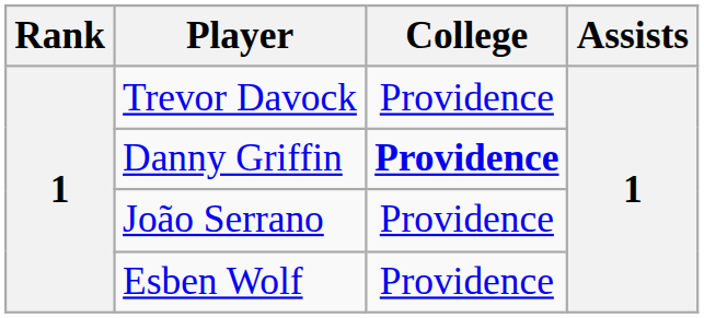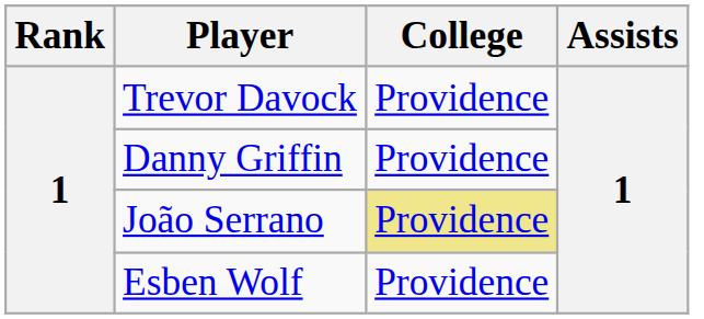 <table class="wikitable" style="text-align:center">
 <tr>
 <th>Rank</th>
 <th>Player</th>
 <th>College</th>
 <th>Assists</th>
 </tr>
 <tr>
 <th rowspan="4">1</th>
 <td align="left"> <a href='#'>Trevor Davock</a></td>
 <td><a href='#'>Providence</a></td>
 <th rowspan="4">1</th>
 </tr>
 <tr>
 <td align="left"> <a href='#'>Danny Griffin</a></td>
-<td><strong><a href='#'>Providence</a></strong></td>
+<td><a href='#'>Providence</a></td>
 </tr>
 <tr>
 <td align="left"> <a href='#'>João Serrano</a></td>
-<td><a href='#'>Providence</a></td>
+<td style="background: khaki;"><a href='#'>Providence</a></td>
 </tr>
 <tr>
 <td align="left"> <a href='#'>Esben Wolf</a></td>
 <td><a href='#'>Providence</a></td>
 </tr>
 </table>
